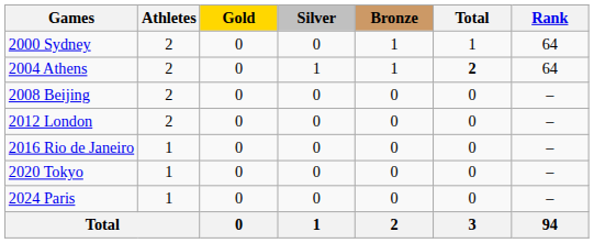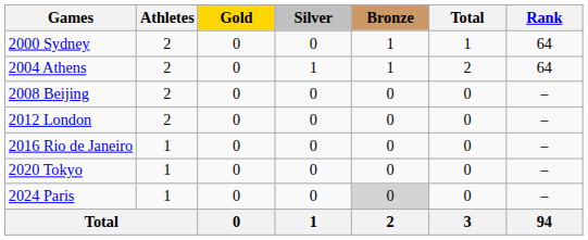 <table class="wikitable" style="text-align:center; font-size:90%;">
 <tr>
 <th>Games</th>
 <th>Athletes</th>
 <td style="background:gold; width:4.5em; font-weight:bold;">Gold</td>
 <td style="background:silver; width:4.5em; font-weight:bold;">Silver</td>
 <td style="background:#cc9966; width:4.5em; font-weight:bold;">Bronze</td>
 <th style="width:4.5em; font-weight:bold;">Total</th>
 <th style="width:4.5em; font-weight:bold;"><a href='#'>Rank</a></th>
 </tr>
 <tr>
 <td align=left><a href='#'>2000 Sydney</a></td>
 <td>2</td>
 <td>0</td>
 <td>0</td>
 <td>1</td>
 <td>1</td>
 <td>64</td>
 </tr>
 <tr>
 <td align=left><a href='#'>2004 Athens</a></td>
 <td>2</td>
 <td>0</td>
 <td>1</td>
 <td>1</td>
-<td><strong>2</strong></td>
+<td>2</td>
 <td>64</td>
 </tr>
 <tr>
 <td align=left><a href='#'>2008 Beijing</a></td>
 <td>2</td>
 <td>0</td>
 <td>0</td>
 <td>0</td>
 <td>0</td>
 <td>–</td>
 </tr>
 <tr>
 <td align=left><a href='#'>2012 London</a></td>
 <td>2</td>
 <td>0</td>
 <td>0</td>
 <td>0</td>
 <td>0</td>
 <td>–</td>
 </tr>
 <tr>
 <td align=left><a href='#'>2016 Rio de Janeiro</a></td>
 <td>1</td>
 <td>0</td>
 <td>0</td>
 <td>0</td>
 <td>0</td>
 <td>–</td>
 </tr>
 <tr>
 <td align=left><a href='#'>2020 Tokyo</a></td>
 <td>1</td>
 <td>0</td>
 <td>0</td>
 <td>0</td>
 <td>0</td>
 <td>–</td>
 </tr>
 <tr>
 <td align=left><a href='#'>2024 Paris</a></td>
 <td>1</td>
 <td>0</td>
 <td>0</td>
-<td>0</td>
+<td style="background: lightgrey;">0</td>
 <td>0</td>
 <td>–</td>
 </tr>
 <tr>
 <th colspan=2>Total</th>
 <th>0</th>
 <th>1</th>
 <th>2</th>
 <th>3</th>
 <th>94</th>
 </tr>
 </table>
